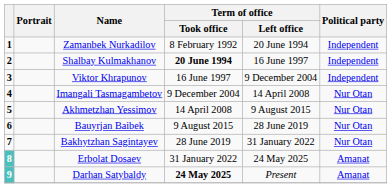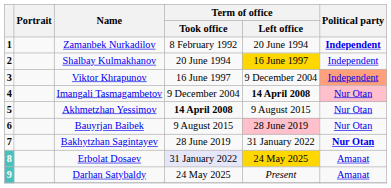 <table class="wikitable" style="text-align:center">
 <tr>
 <th rowspan=2></th>
 <th rowspan=2>Portrait</th>
 <th rowspan=2>Name<br></th>
 <th colspan=2>Term of office</th>
 <th rowspan=2>Political party</th>
 </tr>
 <tr>
 <th>Took office</th>
 <th>Left office</th>
 </tr>
 <tr>
 <td style="background: "><strong>1</strong></td>
 <td></td>
 <td><a href='#'>Zamanbek Nurkadilov</a><br></td>
 <td>8 February 1992</td>
 <td>20 June 1994</td>
-<td><a href='#'>Independent</a></td>
+<td><strong><a href='#'>Independent</a></strong></td>
 </tr>
 <tr>
 <td style="background: "><strong>2</strong></td>
 <td></td>
 <td><a href='#'>Shalbay Kulmakhanov</a><br></td>
-<td><strong>20 June 1994</strong></td>
-<td>16 June 1997</td>
+<td>20 June 1994</td>
+<td style="background: gold;">16 June 1997</td>
 <td><a href='#'>Independent</a></td>
 </tr>
 <tr>
 <td style="background: "><strong>3</strong></td>
 <td></td>
 <td><a href='#'>Viktor Khrapunov</a><br></td>
 <td>16 June 1997</td>
 <td>9 December 2004</td>
-<td><a href='#'>Independent</a></td>
+<td style="background: lightsalmon;"><a href='#'>Independent</a></td>
 </tr>
 <tr>
 <td style="background: "><strong>4</strong></td>
 <td></td>
 <td><a href='#'>Imangali Tasmagambetov</a><br></td>
 <td>9 December 2004</td>
-<td>14 April 2008</td>
-<td><a href='#'>Nur Otan</a></td>
+<td><strong>14 April 2008</strong></td>
+<td style="background: pink;"><a href='#'>Nur Otan</a></td>
 </tr>
 <tr>
 <td style="background: "><strong>5</strong></td>
 <td></td>
 <td><a href='#'>Akhmetzhan Yessimov</a><br></td>
-<td>14 April 2008</td>
+<td><strong>14 April 2008</strong></td>
 <td>9 August 2015</td>
 <td><a href='#'>Nur Otan</a></td>
 </tr>
 <tr>
 <td style="background: "><strong>6</strong></td>
 <td></td>
 <td><a href='#'>Bauyrjan Baibek</a><br></td>
 <td>9 August 2015</td>
-<td>28 June 2019</td>
+<td style="background: pink;">28 June 2019</td>
 <td><a href='#'>Nur Otan</a></td>
 </tr>
 <tr>
 <td style="background: "><strong>7</strong></td>
 <td></td>
 <td><a href='#'>Bakhytzhan Sagintayev</a><br></td>
 <td>28 June 2019</td>
 <td>31 January 2022</td>
-<td><a href='#'>Nur Otan</a></td>
+<td><strong><a href='#'>Nur Otan</a></strong></td>
 </tr>
 <tr>
 <td style="background: #48C1BE; color:white;"><strong>8</strong></td>
 <td></td>
 <td><a href='#'>Erbolat Dosaev</a><br></td>
-<td>31 January 2022</td>
-<td>24 May 2025</td>
+<td style="background: lavender;">31 January 2022</td>
+<td style="background: gold;">24 May 2025</td>
 <td><a href='#'>Amanat</a></td>
 </tr>
 <tr>
 <td style="background: #48C1BE; color:white;"><strong>9</strong></td>
 <td></td>
 <td><a href='#'>Darhan Satybaldy</a><br></td>
-<td><strong>24 May 2025</strong></td>
+<td>24 May 2025</td>
 <td><em>Present</em></td>
 <td><a href='#'>Amanat</a></td>
 </tr>
 <tr>
 </tr>
 </table>
